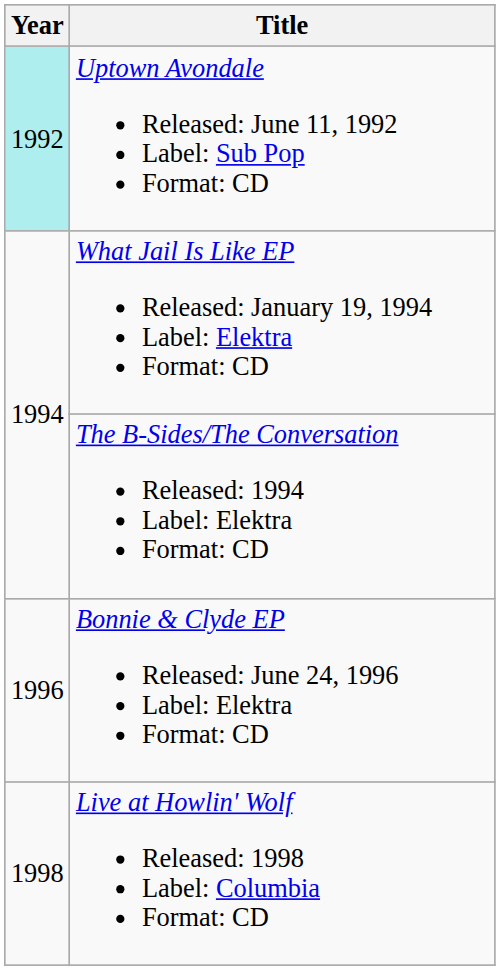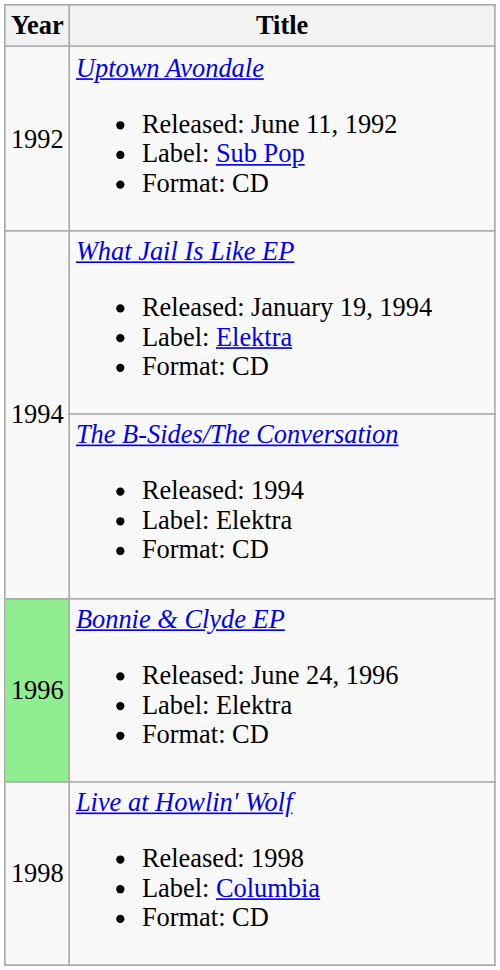 <table class="wikitable">
 <tr>
 <th>Year</th>
 <th width="250">Title</th>
 </tr>
 <tr>
-<td style="background: paleturquoise;">1992</td>
+<td>1992</td>
 <td><em><a href='#'>Uptown Avondale</a></em><br><ul><li>Released: June 11, 1992</li><li>Label: <a href='#'>Sub Pop</a></li><li>Format: CD</li></ul></td>
 </tr>
 <tr>
 <td rowspan="2">1994</td>
 <td><em><a href='#'>What Jail Is Like EP</a></em><br><ul><li>Released: January 19, 1994</li><li>Label: <a href='#'>Elektra</a></li><li>Format: CD</li></ul></td>
 </tr>
 <tr>
 <td><em><a href='#'>The B-Sides/The Conversation</a></em><br><ul><li>Released: 1994</li><li>Label: Elektra</li><li>Format: CD</li></ul></td>
 </tr>
 <tr>
-<td>1996</td>
+<td style="background: lightgreen;">1996</td>
 <td><em><a href='#'>Bonnie & Clyde EP</a></em><br><ul><li>Released: June 24, 1996</li><li>Label: Elektra</li><li>Format: CD</li></ul></td>
 </tr>
 <tr>
 <td>1998</td>
 <td><em><a href='#'>Live at Howlin' Wolf</a></em><br><ul><li>Released: 1998</li><li>Label: <a href='#'>Columbia</a></li><li>Format: CD</li></ul></td>
 </tr>
 </table>
